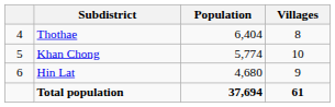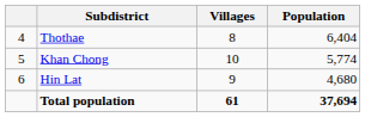 <table class="wikitable" style="width:48%; display:inline-table;">
 <tr>
 <th scope="col" style="width:9%;"> </th>
 <th scope="col" style="width:45%;">Subdistrict</th>
+<th scope="col" style="width:20%;">Villages</th>
 <th scope="col" style="width:26%;">Population</th>
-<th scope="col" style="width:20%;">Villages</th>
 </tr>
 <tr>
 <td style="text-align:center;">4</td>
 <td><a href='#'>Thothae</a></td>
+<td style="text-align:center;">8</td>
 <td style="text-align:right;">6,404</td>
-<td style="text-align:center;">8</td>
 </tr>
 <tr>
 <td style="text-align:center;">5</td>
 <td><a href='#'>Khan Chong</a></td>
+<td style="text-align:center;">10</td>
 <td style="text-align:right;">5,774</td>
-<td style="text-align:center;">10</td>
 </tr>
 <tr>
 <td style="text-align:center;">6</td>
 <td><a href='#'>Hin Lat</a></td>
+<td style="text-align:center;">9</td>
 <td style="text-align:right;">4,680</td>
-<td style="text-align:center;">9</td>
 </tr>
 <tr>
 <td></td>
 <td><strong>Total population</strong></td>
+<td style="text-align:center;"><strong>61</strong></td>
 <td style="text-align:right;"><strong>37,694</strong></td>
-<td style="text-align:center;"><strong>61</strong></td>
 </tr>
 </table>
